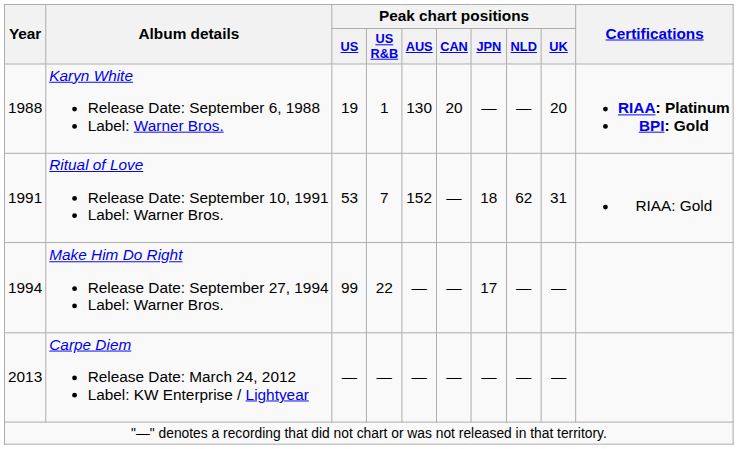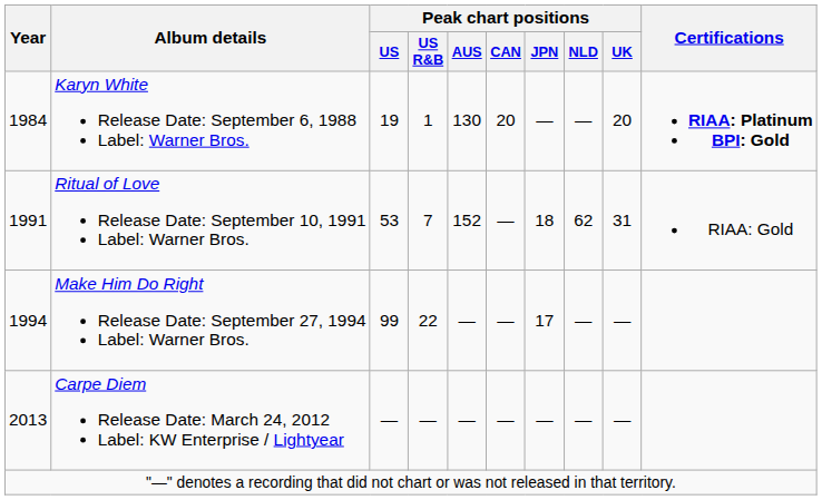 <table class="wikitable" style="text-align:center;">
 <tr>
 <th rowspan="2">Year</th>
 <th rowspan="2">Album details</th>
 <th colspan="7">Peak chart positions</th>
 <th rowspan="2"><a href='#'>Certifications</a></th>
 </tr>
 <tr style="font-size:smaller;">
 <th width="30"><a href='#'>US</a><br></th>
 <th width="30"><a href='#'>US<br>R&B</a><br></th>
 <th width="30"><a href='#'>AUS</a><br></th>
 <th width="30"><a href='#'>CAN</a><br></th>
 <th width="30"><a href='#'>JPN</a><br></th>
 <th width="30"><a href='#'>NLD</a><br></th>
 <th width="30"><a href='#'>UK</a><br></th>
 </tr>
 <tr>
-<td rowspan="1">1988</td>
+<td rowspan="1">1984</td>
 <td align="left"><em><a href='#'>Karyn White</a></em><br><ul><li>Release Date: September 6, 1988</li><li>Label: <a href='#'>Warner Bros.</a></li></ul></td>
 <td>19</td>
 <td>1</td>
 <td>130</td>
 <td>20</td>
 <td>—</td>
 <td>—</td>
 <td>20</td>
 <td><strong><br><ul><li><a href='#'>RIAA</a>: Platinum</li><li><a href='#'>BPI</a>: Gold</li></ul></strong></td>
 </tr>
 <tr>
 <td rowspan="1">1991</td>
 <td align="left"><em><a href='#'>Ritual of Love</a></em><br><ul><li>Release Date: September 10, 1991</li><li>Label: Warner Bros.</li></ul></td>
 <td>53</td>
 <td>7</td>
 <td>152</td>
 <td>—</td>
 <td>18</td>
 <td>62</td>
 <td>31</td>
 <td><br><ul><li>RIAA: Gold</li></ul></td>
 </tr>
 <tr>
 <td rowspan="1">1994</td>
 <td align="left"><em><a href='#'>Make Him Do Right</a></em><br><ul><li>Release Date: September 27, 1994</li><li>Label: Warner Bros.</li></ul></td>
 <td>99</td>
 <td>22</td>
 <td>—</td>
 <td>—</td>
 <td>17</td>
 <td>—</td>
 <td>—</td>
 <td></td>
 </tr>
 <tr>
 <td rowspan="1">2013</td>
 <td align="left"><em><a href='#'>Carpe Diem</a></em><br><ul><li>Release Date: March 24, 2012</li><li>Label: KW Enterprise / <a href='#'>Lightyear</a></li></ul></td>
 <td>—</td>
 <td>—</td>
 <td>—</td>
 <td>—</td>
 <td>—</td>
 <td>—</td>
 <td>—</td>
 <td></td>
 </tr>
 <tr>
 <td colspan="15" style="font-size:90%">"—" denotes a recording that did not chart or was not released in that territory.</td>
 </tr>
 </table>
